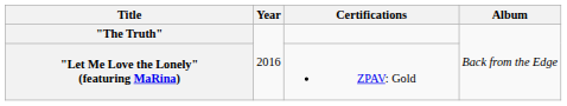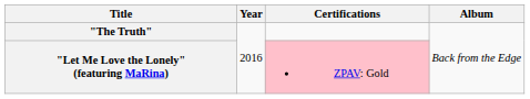 <table class="wikitable plainrowheaders" style="text-align:center;" border="1">
 <tr>
 <th scope="col" style="width:20em;">Title</th>
 <th scope="col" style="width:1em;">Year</th>
 <th scope="col" style="width:14em;">Certifications</th>
 <th scope="col">Album</th>
 </tr>
 <tr>
 <th scope="row">"The Truth"</th>
 <td rowspan="2">2016</td>
 <td></td>
 <td rowspan="2"><em>Back from the Edge</em></td>
 </tr>
 <tr>
 <th scope="row">"Let Me Love the Lonely"<br><span>(featuring <a href='#'>MaRina</a>)</span></th>
-<td><br><ul><li><a href='#'>ZPAV</a>: Gold</li></ul></td>
+<td style="background: pink;"><br><ul><li><a href='#'>ZPAV</a>: Gold</li></ul></td>
 </tr>
 </table>
